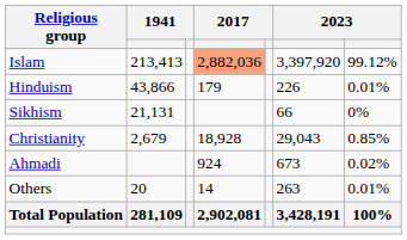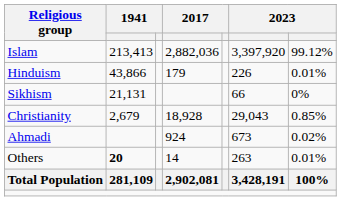 <table class="wikitable sortable">
 <tr>
 <th rowspan="2"><a href='#'>Religious</a><br>group</th>
 <th colspan="2">1941</th>
 <th colspan="2">2017</th>
 <th colspan="2">2023</th>
 </tr>
 <tr>
 <th><a href='#'></a></th>
 <th></th>
 <th></th>
 <th></th>
 <th></th>
 <th></th>
 </tr>
 <tr>
 <td><a href='#'>Islam</a> </td>
 <td>213,413</td>
 <td></td>
-<td style="background: lightsalmon;">2,882,036</td>
+<td>2,882,036</td>
 <td></td>
 <td>3,397,920</td>
 <td>99.12%</td>
 </tr>
 <tr>
 <td><a href='#'>Hinduism</a> </td>
 <td>43,866</td>
 <td></td>
 <td>179</td>
 <td></td>
 <td>226</td>
 <td>0.01%</td>
 </tr>
 <tr>
 <td><a href='#'>Sikhism</a> </td>
 <td>21,131</td>
 <td></td>
 <td></td>
 <td></td>
 <td>66</td>
 <td>0%</td>
 </tr>
 <tr>
 <td><a href='#'>Christianity</a> </td>
 <td>2,679</td>
 <td></td>
 <td>18,928</td>
 <td></td>
 <td>29,043</td>
 <td>0.85%</td>
 </tr>
 <tr>
 <td><a href='#'>Ahmadi</a></td>
 <td></td>
 <td></td>
 <td>924</td>
 <td></td>
 <td>673</td>
 <td>0.02%</td>
 </tr>
 <tr>
 <td>Others</td>
-<td>20</td>
+<td><strong>20</strong></td>
 <td></td>
 <td>14</td>
 <td></td>
 <td>263</td>
 <td>0.01%</td>
 </tr>
 <tr>
 <th>Total Population</th>
 <th>281,109</th>
 <th></th>
 <th>2,902,081</th>
 <th></th>
 <th>3,428,191</th>
 <th>100%</th>
 </tr>
 <tr class="sortbottom">
 <td colspan="7"></td>
 </tr>
 </table>
